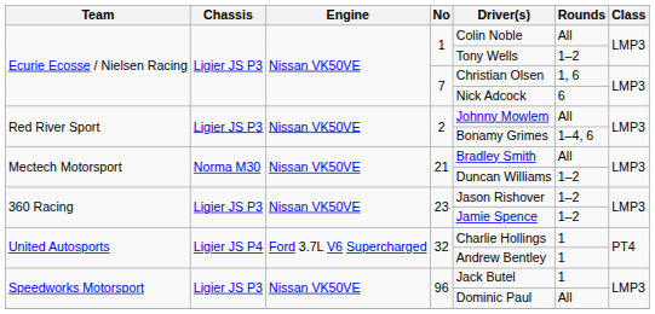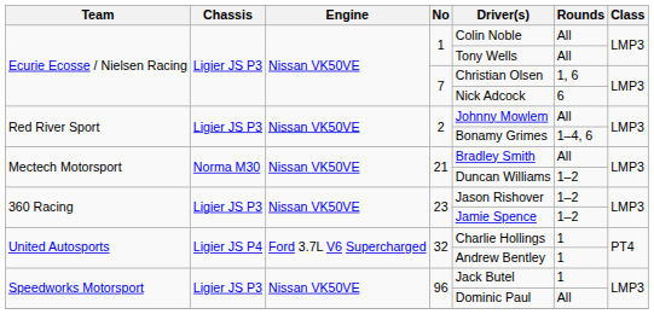 <table class="wikitable" style="font-size: 85%;">
 <tr>
 <th>Team</th>
 <th>Chassis</th>
 <th>Engine</th>
 <th>No</th>
 <th>Driver(s)</th>
 <th>Rounds</th>
 <th>Class</th>
 </tr>
 <tr>
 <td rowspan="4"> <a href='#'>Ecurie Ecosse</a> / Nielsen Racing</td>
 <td rowspan="4"><a href='#'>Ligier JS P3</a></td>
 <td rowspan="4"><a href='#'>Nissan VK50VE</a></td>
 <td rowspan="2" align="center">1</td>
 <td> Colin Noble</td>
 <td>All</td>
 <td Rowspan=2>LMP3</td>
 </tr>
 <tr>
 <td> Tony Wells</td>
-<td>1–2</td>
+<td>All</td>
 </tr>
 <tr>
 <td rowspan="2" align="center">7</td>
 <td> Christian Olsen</td>
 <td>1, 6</td>
 <td rowspan="2">LMP3</td>
 </tr>
 <tr>
 <td> Nick Adcock</td>
 <td>6</td>
 </tr>
 <tr>
 <td rowspan="2"> Red River Sport</td>
 <td rowspan="2"><a href='#'>Ligier JS P3</a></td>
 <td rowspan="2"><a href='#'>Nissan VK50VE</a></td>
 <td rowspan="2" align="center">2</td>
 <td> <a href='#'>Johnny Mowlem</a></td>
 <td>All</td>
 <td rowspan=2>LMP3</td>
 </tr>
 <tr>
 <td> Bonamy Grimes</td>
 <td>1–4, 6</td>
 </tr>
 <tr>
 <td rowspan="2"> Mectech Motorsport</td>
 <td rowspan="2"><a href='#'>Norma M30</a></td>
 <td rowspan="2"><a href='#'>Nissan VK50VE</a></td>
 <td rowspan="2" align="center">21</td>
 <td> <a href='#'>Bradley Smith</a></td>
 <td>All</td>
 <td rowspan=2>LMP3</td>
 </tr>
 <tr>
 <td> Duncan Williams</td>
 <td>1–2</td>
 </tr>
 <tr>
 <td rowspan="2"> 360 Racing</td>
 <td rowspan="2"><a href='#'>Ligier JS P3</a></td>
 <td rowspan="2"><a href='#'>Nissan VK50VE</a></td>
 <td rowspan="2" align="center">23</td>
 <td> Jason Rishover</td>
 <td>1–2</td>
 <td rowspan=2>LMP3</td>
 </tr>
 <tr>
 <td> <a href='#'>Jamie Spence</a></td>
 <td>1–2</td>
 </tr>
 <tr>
 <td rowspan="2"> <a href='#'>United Autosports</a></td>
 <td rowspan="2"><a href='#'>Ligier JS P4</a></td>
 <td rowspan="2"><a href='#'>Ford</a> 3.7L <a href='#'>V6</a> <a href='#'>Supercharged</a></td>
 <td rowspan="2" align="center">32</td>
 <td> Charlie Hollings</td>
 <td>1</td>
 <td rowspan=2>PT4</td>
 </tr>
 <tr>
 <td> Andrew Bentley</td>
 <td>1</td>
 </tr>
 <tr>
 <td rowspan="2"> <a href='#'>Speedworks Motorsport</a></td>
 <td rowspan="2"><a href='#'>Ligier JS P3</a></td>
 <td rowspan="2"><a href='#'>Nissan VK50VE</a></td>
 <td rowspan="2" align="center">96</td>
 <td> Jack Butel</td>
 <td>1</td>
 <td rowspan=2>LMP3</td>
 </tr>
 <tr>
 <td> Dominic Paul</td>
 <td>All</td>
 </tr>
 <tr>
 </tr>
 </table>
